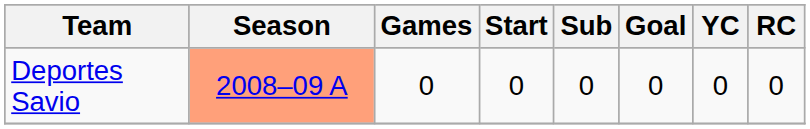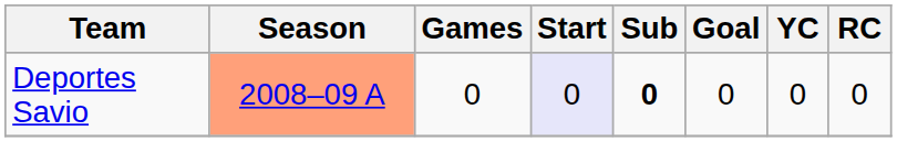 <table class="wikitable" border="1">
 <tr>
 <th width="100">Team</th>
 <th width="100">Season</th>
 <th width="25">Games</th>
 <th width="25">Start</th>
 <th width="25">Sub</th>
 <th width="25">Goal</th>
 <th width="25">YC</th>
 <th width="25">RC</th>
 </tr>
 <tr>
 <td width="100"><a href='#'>Deportes Savio</a></td>
 <td align="center" style="background: lightsalmon;"><a href='#'>2008–09 A</a></td>
 <td align="center">0</td>
-<td align="center">0</td>
-<td align="center">0</td>
+<td align="center" style="background: lavender;">0</td>
+<td align="center"><strong>0</strong></td>
 <td align="center">0</td>
 <td align="center">0</td>
 <td align="center">0</td>
 </tr>
 <tr>
 </tr>
 </table>
